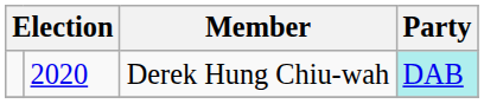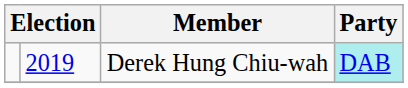 <table class="wikitable">
 <tr>
 <th colspan="2">Election</th>
 <th>Member</th>
 <th>Party</th>
 </tr>
 <tr>
 <td style="color:inherit;background:"></td>
-<td><a href='#'>2020</a></td>
+<td><a href='#'>2019</a></td>
 <td>Derek Hung Chiu-wah</td>
 <td style="background: paleturquoise;"><a href='#'>DAB</a></td>
 </tr>
 <tr>
 </tr>
 </table>
